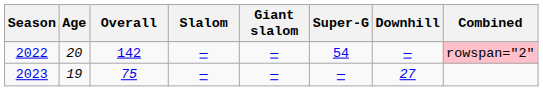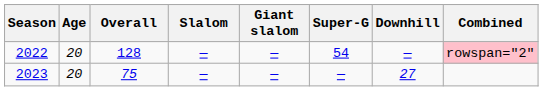 <table class=wikitable style="text-align:center">
 <tr>
 <th>Season</th>
 <th>Age</th>
 <th> Overall </th>
 <th> Slalom </th>
 <th>Giant<br> slalom </th>
 <th>Super-G</th>
 <th>Downhill</th>
 <th>Combined</th>
 </tr>
 <tr>
 <td><a href='#'>2022</a></td>
 <td><em>20</em></td>
-<td><a href='#'>142</a></td>
+<td><a href='#'>128</a></td>
 <td><a href='#'>—</a></td>
 <td><a href='#'>—</a></td>
 <td><a href='#'>54</a></td>
 <td><a href='#'>—</a></td>
 <td style="background: pink;">rowspan="2" </td>
 </tr>
 <tr>
 <td><a href='#'>2023</a></td>
-<td><em>19</em></td>
+<td><em>20</em></td>
 <td><em><a href='#'>75</a></em></td>
 <td><em><a href='#'>—</a></em></td>
 <td><em><a href='#'>—</a></em></td>
 <td><em><a href='#'>—</a></em></td>
 <td><em><a href='#'>27</a></em></td>
 </tr>
 </table>
